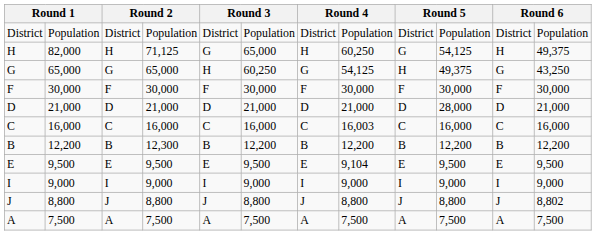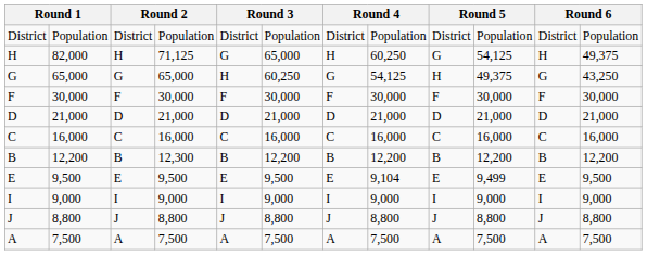 <table class="wikitable">
 <tr>
 <th colspan="2">Round 1</th>
 <th colspan="2">Round 2</th>
 <th colspan="2">Round 3</th>
 <th colspan="2">Round 4</th>
 <th colspan="2">Round 5</th>
 <th colspan="2">Round 6</th>
 </tr>
 <tr>
 <td>District</td>
 <td>Population</td>
 <td>District</td>
 <td>Population</td>
 <td>District</td>
 <td>Population</td>
 <td>District</td>
 <td>Population</td>
 <td>District</td>
 <td>Population</td>
 <td>District</td>
 <td>Population</td>
 </tr>
 <tr>
 <td>H</td>
 <td>82,000</td>
 <td>H</td>
 <td>71,125</td>
 <td>G</td>
 <td>65,000</td>
 <td>H</td>
 <td>60,250</td>
 <td>G</td>
 <td>54,125</td>
 <td>H</td>
 <td>49,375</td>
 </tr>
 <tr>
 <td>G</td>
 <td>65,000</td>
 <td>G</td>
 <td>65,000</td>
 <td>H</td>
 <td>60,250</td>
 <td>G</td>
 <td>54,125</td>
 <td>H</td>
 <td>49,375</td>
 <td>G</td>
 <td>43,250</td>
 </tr>
 <tr>
 <td>F</td>
 <td>30,000</td>
 <td>F</td>
 <td>30,000</td>
 <td>F</td>
 <td>30,000</td>
 <td>F</td>
 <td>30,000</td>
 <td>F</td>
 <td>30,000</td>
 <td>F</td>
 <td>30,000</td>
 </tr>
 <tr>
 <td>D</td>
 <td>21,000</td>
 <td>D</td>
 <td>21,000</td>
 <td>D</td>
 <td>21,000</td>
 <td>D</td>
 <td>21,000</td>
 <td>D</td>
-<td>28,000</td>
+<td>21,000</td>
 <td>D</td>
 <td>21,000</td>
 </tr>
 <tr>
 <td>C</td>
 <td>16,000</td>
 <td>C</td>
 <td>16,000</td>
 <td>C</td>
 <td>16,000</td>
 <td>C</td>
-<td>16,003</td>
+<td>16,000</td>
 <td>C</td>
 <td>16,000</td>
 <td>C</td>
 <td>16,000</td>
 </tr>
 <tr>
 <td>B</td>
 <td>12,200</td>
 <td>B</td>
 <td>12,300</td>
 <td>B</td>
 <td>12,200</td>
 <td>B</td>
 <td>12,200</td>
 <td>B</td>
 <td>12,200</td>
 <td>B</td>
 <td>12,200</td>
 </tr>
 <tr>
 <td>E</td>
 <td>9,500</td>
 <td>E</td>
 <td>9,500</td>
 <td>E</td>
 <td>9,500</td>
 <td>E</td>
 <td>9,104</td>
 <td>E</td>
-<td>9,500</td>
+<td>9,499</td>
 <td>E</td>
 <td>9,500</td>
 </tr>
 <tr>
 <td>I</td>
 <td>9,000</td>
 <td>I</td>
 <td>9,000</td>
 <td>I</td>
 <td>9,000</td>
 <td>I</td>
 <td>9,000</td>
 <td>I</td>
 <td>9,000</td>
 <td>I</td>
 <td>9,000</td>
 </tr>
 <tr>
 <td>J</td>
 <td>8,800</td>
 <td>J</td>
 <td>8,800</td>
 <td>J</td>
 <td>8,800</td>
 <td>J</td>
 <td>8,800</td>
 <td>J</td>
 <td>8,800</td>
 <td>J</td>
-<td>8,802</td>
+<td>8,800</td>
 </tr>
 <tr>
 <td>A</td>
 <td>7,500</td>
 <td>A</td>
 <td>7,500</td>
 <td>A</td>
 <td>7,500</td>
 <td>A</td>
 <td>7,500</td>
 <td>A</td>
 <td>7,500</td>
 <td>A</td>
 <td>7,500</td>
 </tr>
 </table>
